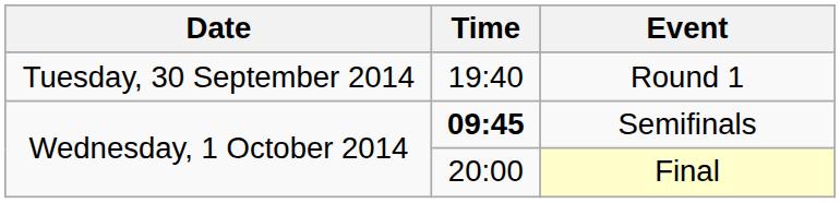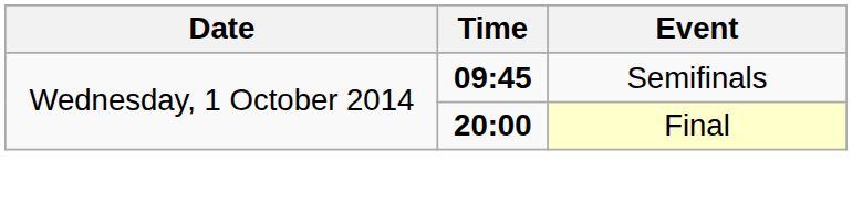 <table class = "wikitable" style="text-align:center;">
 <tr>
 <th width=220>Date</th>
 <th width=50>Time</th>
 <th width=150>Event</th>
 </tr>
 <tr>
-<td>Tuesday, 30 September 2014</td>
-<td>19:40</td>
-<td>Round 1</td>
-</tr>
-<tr>
 <td rowspan=2>Wednesday, 1 October 2014</td>
 <td><strong>09:45</strong></td>
 <td>Semifinals</td>
 </tr>
 <tr>
-<td>20:00</td>
+<td><strong>20:00</strong></td>
 <td bgcolor=ffffcc>Final</td>
 </tr>
 </table>
